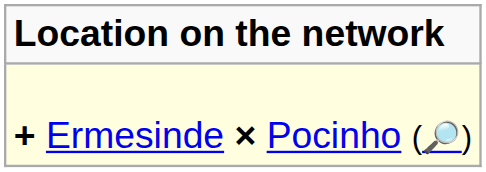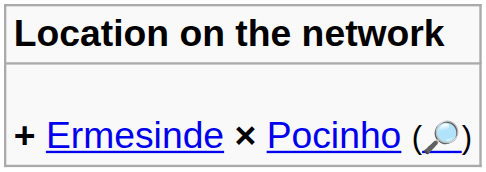 <table role="presentation" class="wikitable mw-collapsible mw-collapsed floatright">
 <tr>
 <td><strong>Location on the network</strong></td>
 </tr>
 <tr>
-<td style="background: lightyellow;"><br><span><strong>+</strong> <a href='#'>Ermesinde</a></span> <span><strong>×</strong> <a href='#'>Pocinho</a></span> <small>(<a href='#'>🔎</a>)</small></td>
+<td><br><span><strong>+</strong> <a href='#'>Ermesinde</a></span> <span><strong>×</strong> <a href='#'>Pocinho</a></span> <small>(<a href='#'>🔎</a>)</small></td>
 </tr>
 </table>
